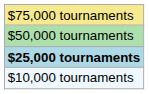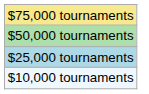 <table class="wikitable" style="font-size:85%;">
 <tr style="background:#f7e98e;">
 <td>$75,000 tournaments</td>
 </tr>
 <tr style="background:#addfad;">
 <td>$50,000 tournaments</td>
 </tr>
 <tr style="background:lightblue;">
-<td><strong>$25,000 tournaments</strong></td>
+<td>$25,000 tournaments</td>
 </tr>
 <tr style="background:#f0f8ff;">
 <td>$10,000 tournaments</td>
 </tr>
 </table>
